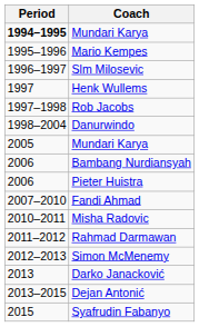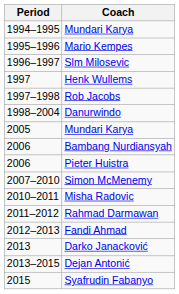 <table class="wikitable" style="font-size:100%;">
 <tr>
 <th>Period</th>
 <th>Coach</th>
 </tr>
 <tr>
-<td><strong>1994–1995</strong></td>
+<td>1994–1995</td>
 <td> <a href='#'>Mundari Karya</a></td>
 </tr>
 <tr>
 <td>1995–1996</td>
 <td> <a href='#'>Mario Kempes</a></td>
 </tr>
 <tr>
 <td>1996–1997</td>
 <td> <a href='#'>Slm Milosevic</a></td>
 </tr>
 <tr>
 <td>1997</td>
 <td> <a href='#'>Henk Wullems</a></td>
 </tr>
 <tr>
 <td>1997–1998</td>
 <td> <a href='#'>Rob Jacobs</a></td>
 </tr>
 <tr>
 <td>1998–2004</td>
 <td> <a href='#'>Danurwindo</a></td>
 </tr>
 <tr>
 <td>2005</td>
 <td> <a href='#'>Mundari Karya</a></td>
 </tr>
 <tr>
 <td>2006</td>
 <td> <a href='#'>Bambang Nurdiansyah</a></td>
 </tr>
 <tr>
 <td>2006</td>
 <td> <a href='#'>Pieter Huistra</a></td>
 </tr>
 <tr>
 <td>2007–2010</td>
-<td> <a href='#'>Fandi Ahmad</a></td>
+<td> <a href='#'>Simon McMenemy</a></td>
 </tr>
 <tr>
 <td>2010–2011</td>
 <td> <a href='#'>Misha Radovic</a></td>
 </tr>
 <tr>
 <td>2011–2012</td>
 <td> <a href='#'>Rahmad Darmawan</a></td>
 </tr>
 <tr>
 <td>2012–2013</td>
-<td> <a href='#'>Simon McMenemy</a></td>
+<td> <a href='#'>Fandi Ahmad</a></td>
 </tr>
 <tr>
 <td>2013</td>
 <td> <a href='#'>Darko Janacković</a></td>
 </tr>
 <tr>
 <td>2013–2015</td>
 <td> <a href='#'>Dejan Antonić</a></td>
 </tr>
 <tr>
 <td>2015</td>
 <td> <a href='#'>Syafrudin Fabanyo</a></td>
 </tr>
 </table>
